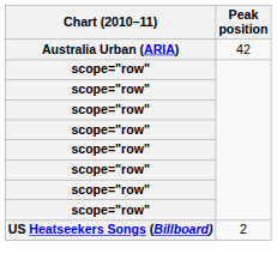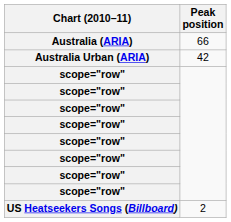 <table class="wikitable sortable plainrowheaders">
 <tr>
 <th scope="col">Chart (2010–11)</th>
 <th scope="col">Peak<br>position</th>
+</tr>
+<tr>
+<th scope="row">Australia (<a href='#'>ARIA</a>)</th>
+<td style="text-align:center;">66</td>
 </tr>
 <tr>
 <th scope="row">Australia Urban (<a href='#'>ARIA</a>)</th>
 <td style="text-align:center;">42</td>
 </tr>
 <tr>
 <th>scope="row"</th>
 </tr>
 <tr>
 <th>scope="row"</th>
 </tr>
 <tr>
 <th>scope="row"</th>
 </tr>
 <tr>
 <th>scope="row"</th>
 </tr>
 <tr>
 <th>scope="row"</th>
 </tr>
 <tr>
 <th>scope="row"</th>
 </tr>
 <tr>
 <th>scope="row"</th>
 </tr>
 <tr>
 <th>scope="row"</th>
 </tr>
 <tr>
 <th scope="row">US <a href='#'>Heatseekers Songs</a> (<em><a href='#'>Billboard</a>)</em></th>
 <td style="text-align:center;">2</td>
 </tr>
 </table>
